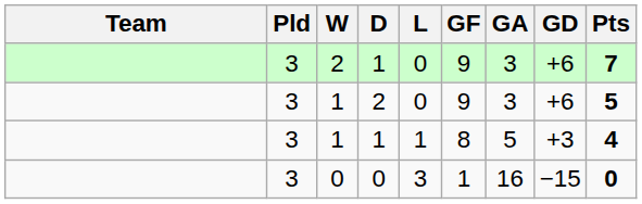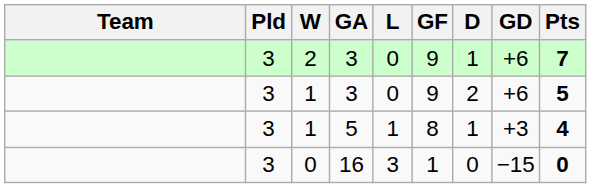 <table class="wikitable" style="text-align: center;">
 <tr>
 <th width=165>Team</th>
 <th width=20>Pld</th>
 <th width=20>W</th>
-<th width=20>D</th>
+<th width=20>GA</th>
 <th width=20>L</th>
 <th width=20>GF</th>
-<th width=20>GA</th>
+<th width=20>D</th>
 <th width=20>GD</th>
 <th width=20>Pts</th>
 </tr>
 <tr bgcolor=ccffcc>
 <td style="text-align:left;"></td>
 <td>3</td>
 <td>2</td>
-<td>1</td>
+<td>3</td>
 <td>0</td>
 <td>9</td>
-<td>3</td>
+<td>1</td>
 <td>+6</td>
 <td><strong>7</strong></td>
 </tr>
 <tr>
 <td style="text-align:left;"></td>
 <td>3</td>
 <td>1</td>
-<td>2</td>
+<td>3</td>
 <td>0</td>
 <td>9</td>
-<td>3</td>
+<td>2</td>
 <td>+6</td>
 <td><strong>5</strong></td>
 </tr>
 <tr>
 <td style="text-align:left;"></td>
 <td>3</td>
 <td>1</td>
-<td>1</td>
+<td>5</td>
 <td>1</td>
 <td>8</td>
-<td>5</td>
+<td>1</td>
 <td>+3</td>
 <td><strong>4</strong></td>
 </tr>
 <tr>
 <td style="text-align:left;"></td>
 <td>3</td>
 <td>0</td>
-<td>0</td>
+<td>16</td>
 <td>3</td>
 <td>1</td>
-<td>16</td>
+<td>0</td>
 <td>−15</td>
 <td><strong>0</strong></td>
 </tr>
 </table>
